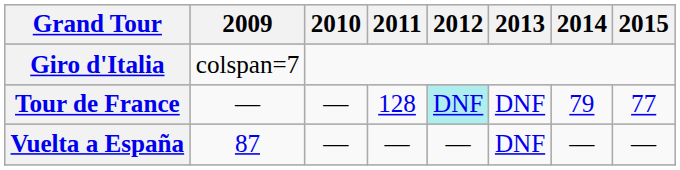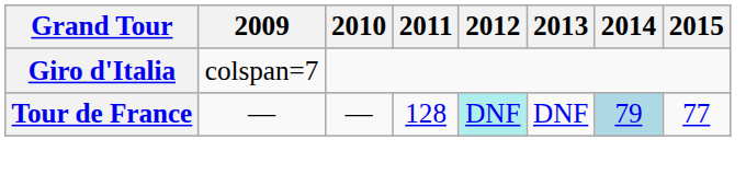 <table class="wikitable plainrowheaders">
 <tr>
 <th scope="col"><a href='#'>Grand Tour</a></th>
 <th scope="col">2009</th>
 <th scope="col">2010</th>
 <th scope="col">2011</th>
 <th scope="col">2012</th>
 <th scope="col">2013</th>
 <th scope="col">2014</th>
 <th scope="col">2015</th>
 </tr>
 <tr style="text-align:center;">
 <th scope="row"> <a href='#'>Giro d'Italia</a></th>
 <td>colspan=7 </td>
 </tr>
 <tr style="text-align:center;">
 <th scope="row"> <a href='#'>Tour de France</a></th>
 <td>—</td>
 <td>—</td>
 <td><a href='#'>128</a></td>
 <td style="background: paleturquoise;"><a href='#'>DNF</a></td>
 <td><a href='#'>DNF</a></td>
-<td><a href='#'>79</a></td>
+<td style="background: lightblue;"><a href='#'>79</a></td>
 <td><a href='#'>77</a></td>
 </tr>
-<tr style="text-align:center;">
-<th scope="row"> <a href='#'>Vuelta a España</a></th>
-<td><a href='#'>87</a></td>
-<td>—</td>
-<td>—</td>
-<td>—</td>
-<td><a href='#'>DNF</a></td>
-<td>—</td>
-<td>—</td>
-</tr>
 </table>
